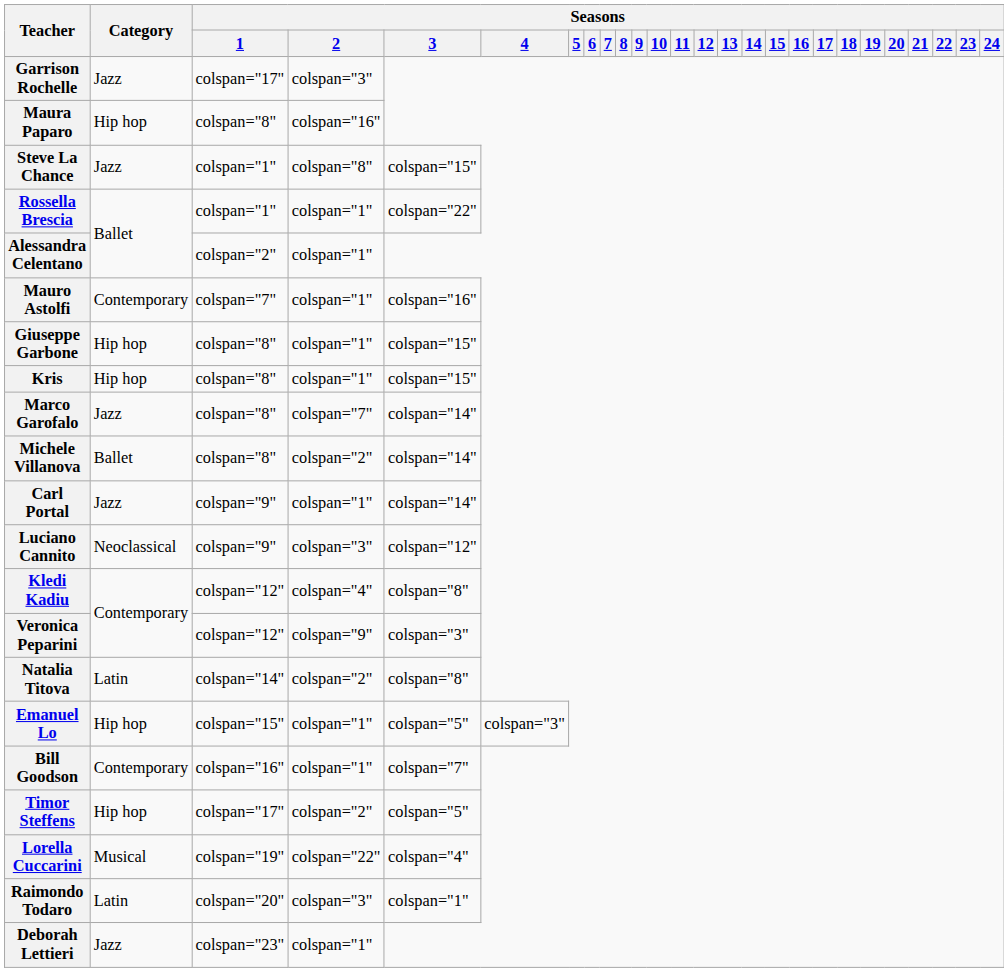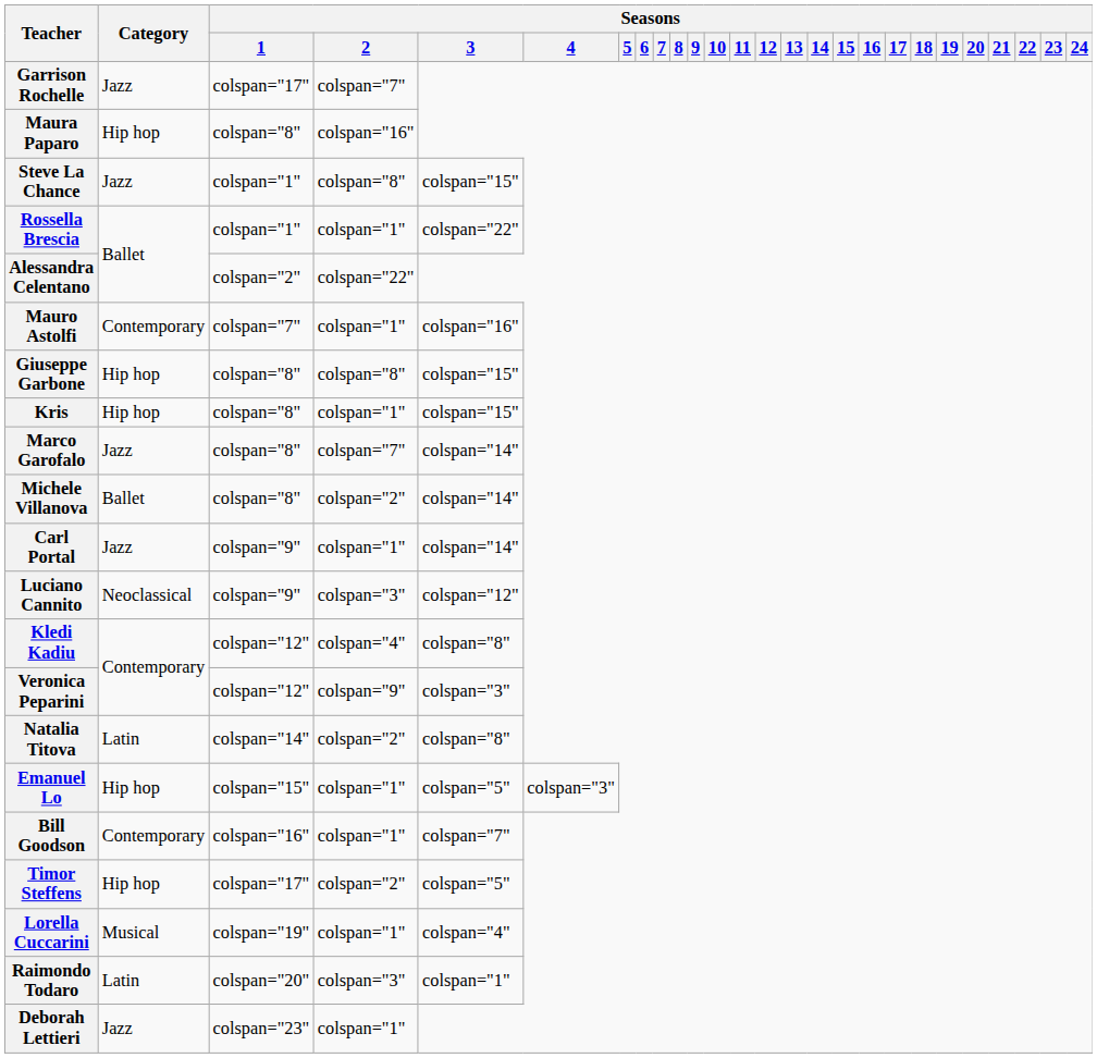 <table class="wikitable plainrowheaders collapsible mw-collapsible nowrap" style="width:100%" style="text-align:center">
 <tr>
 <th rowspan="2" style="width:08%">Teacher</th>
 <th rowspan="2" style="width:08%">Category</th>
 <th colspan="24">Seasons</th>
 </tr>
 <tr>
 <th><a href='#'>1</a></th>
 <th><a href='#'>2</a></th>
 <th><a href='#'>3</a></th>
 <th><a href='#'>4</a></th>
 <th><a href='#'>5</a></th>
 <th><a href='#'>6</a></th>
 <th><a href='#'>7</a></th>
 <th><a href='#'>8</a></th>
 <th><a href='#'>9</a></th>
 <th><a href='#'>10</a></th>
 <th><a href='#'>11</a></th>
 <th><a href='#'>12</a></th>
 <th><a href='#'>13</a></th>
 <th><a href='#'>14</a></th>
 <th><a href='#'>15</a></th>
 <th><a href='#'>16</a></th>
 <th><a href='#'>17</a></th>
 <th><a href='#'>18</a></th>
 <th><a href='#'>19</a></th>
 <th><a href='#'>20</a></th>
 <th><a href='#'>21</a></th>
 <th><a href='#'>22</a></th>
 <th><a href='#'>23</a></th>
 <th><a href='#'>24</a></th>
 </tr>
 <tr>
 <th scope=row>Garrison Rochelle</th>
 <td>Jazz</td>
 <td>colspan="17" </td>
-<td>colspan="3" </td>
+<td>colspan="7" </td>
 </tr>
 <tr>
 <th scope=row>Maura Paparo</th>
 <td>Hip hop</td>
 <td>colspan="8" </td>
 <td>colspan="16" </td>
 </tr>
 <tr>
 <th scope=row>Steve La Chance</th>
 <td>Jazz</td>
 <td>colspan="1" </td>
 <td>colspan="8" </td>
 <td>colspan="15" </td>
 </tr>
 <tr>
 <th scope=row><a href='#'>Rossella Brescia</a></th>
 <td rowspan=2>Ballet</td>
 <td>colspan="1" </td>
 <td>colspan="1" </td>
 <td>colspan="22" </td>
 </tr>
 <tr>
 <th scope=row>Alessandra Celentano</th>
 <td>colspan="2" </td>
-<td>colspan="1" </td>
+<td>colspan="22" </td>
 </tr>
 <tr>
 <th scope=row>Mauro Astolfi</th>
 <td>Contemporary</td>
 <td>colspan="7" </td>
 <td>colspan="1" </td>
 <td>colspan="16" </td>
 </tr>
 <tr>
 <th scope=row>Giuseppe Garbone</th>
 <td>Hip hop</td>
 <td>colspan="8" </td>
-<td>colspan="1" </td>
+<td>colspan="8" </td>
 <td>colspan="15" </td>
 </tr>
 <tr>
 <th scope=row>Kris</th>
 <td>Hip hop</td>
 <td>colspan="8" </td>
 <td>colspan="1" </td>
 <td>colspan="15" </td>
 </tr>
 <tr>
 <th scope=row>Marco Garofalo</th>
 <td>Jazz</td>
 <td>colspan="8" </td>
 <td>colspan="7" </td>
 <td>colspan="14" </td>
 </tr>
 <tr>
 <th scope=row>Michele Villanova</th>
 <td>Ballet</td>
 <td>colspan="8" </td>
 <td>colspan="2" </td>
 <td>colspan="14" </td>
 </tr>
 <tr>
 <th scope=row>Carl Portal</th>
 <td>Jazz</td>
 <td>colspan="9" </td>
 <td>colspan="1" </td>
 <td>colspan="14" </td>
 </tr>
 <tr>
 <th scope=row>Luciano Cannito</th>
 <td>Neoclassical</td>
 <td>colspan="9" </td>
 <td>colspan="3" </td>
 <td>colspan="12" </td>
 </tr>
 <tr>
 <th scope=row><a href='#'>Kledi Kadiu</a></th>
 <td rowspan=2>Contemporary</td>
 <td>colspan="12" </td>
 <td>colspan="4" </td>
 <td>colspan="8" </td>
 </tr>
 <tr>
 <th scope=row>Veronica Peparini</th>
 <td>colspan="12" </td>
 <td>colspan="9" </td>
 <td>colspan="3" </td>
 </tr>
 <tr>
 <th scope=row>Natalia Titova</th>
 <td>Latin</td>
 <td>colspan="14" </td>
 <td>colspan="2" </td>
 <td>colspan="8" </td>
 </tr>
 <tr>
 <th scope=row><a href='#'>Emanuel Lo</a></th>
 <td>Hip hop</td>
 <td>colspan="15" </td>
 <td>colspan="1" </td>
 <td>colspan="5" </td>
 <td>colspan="3" </td>
 </tr>
 <tr>
 <th scope=row>Bill Goodson</th>
 <td>Contemporary</td>
 <td>colspan="16" </td>
 <td>colspan="1" </td>
 <td>colspan="7" </td>
 </tr>
 <tr>
 <th scope=row><a href='#'>Timor Steffens</a></th>
 <td>Hip hop</td>
 <td>colspan="17" </td>
 <td>colspan="2" </td>
 <td>colspan="5" </td>
 </tr>
 <tr>
 <th scope=row><a href='#'>Lorella Cuccarini</a></th>
 <td>Musical</td>
 <td>colspan="19" </td>
-<td>colspan="22" </td>
+<td>colspan="1" </td>
 <td>colspan="4" </td>
 </tr>
 <tr>
 <th scope=row>Raimondo Todaro</th>
 <td>Latin</td>
 <td>colspan="20" </td>
 <td>colspan="3" </td>
 <td>colspan="1" </td>
 </tr>
 <tr>
 <th scope=row>Deborah Lettieri</th>
 <td>Jazz</td>
 <td>colspan="23" </td>
 <td>colspan="1" </td>
 </tr>
 </table>
